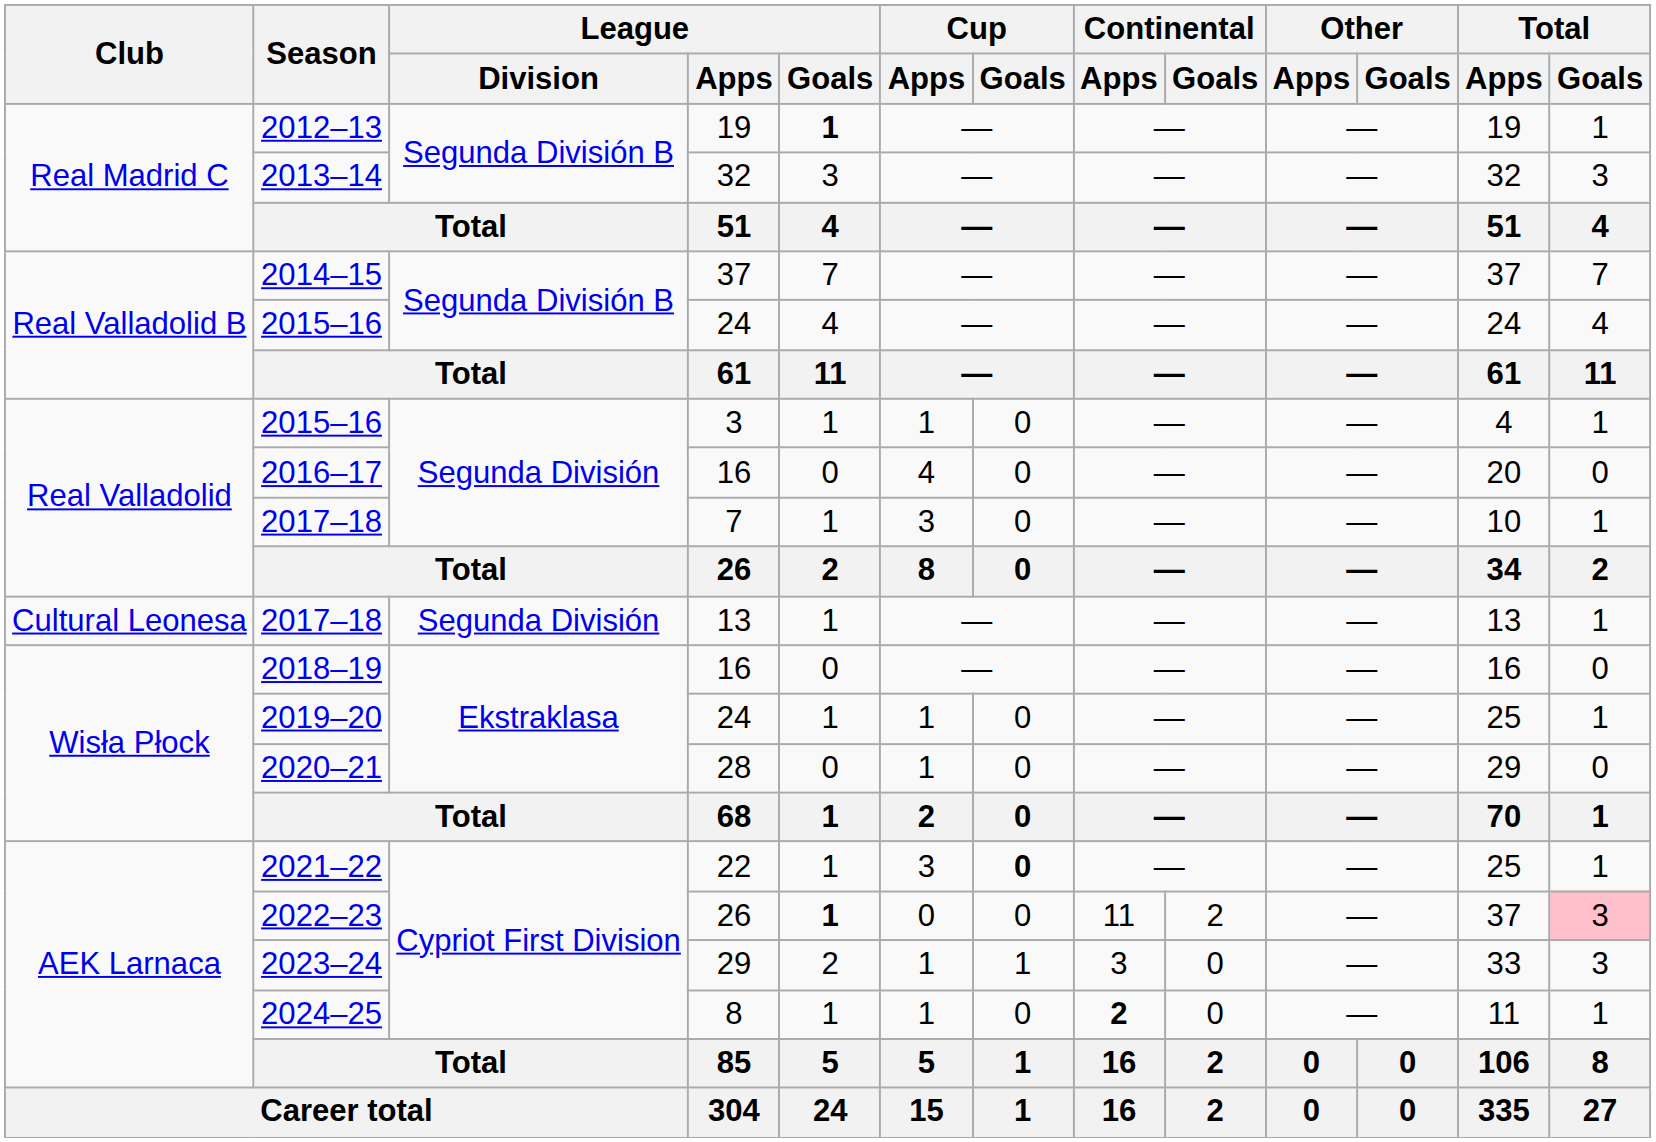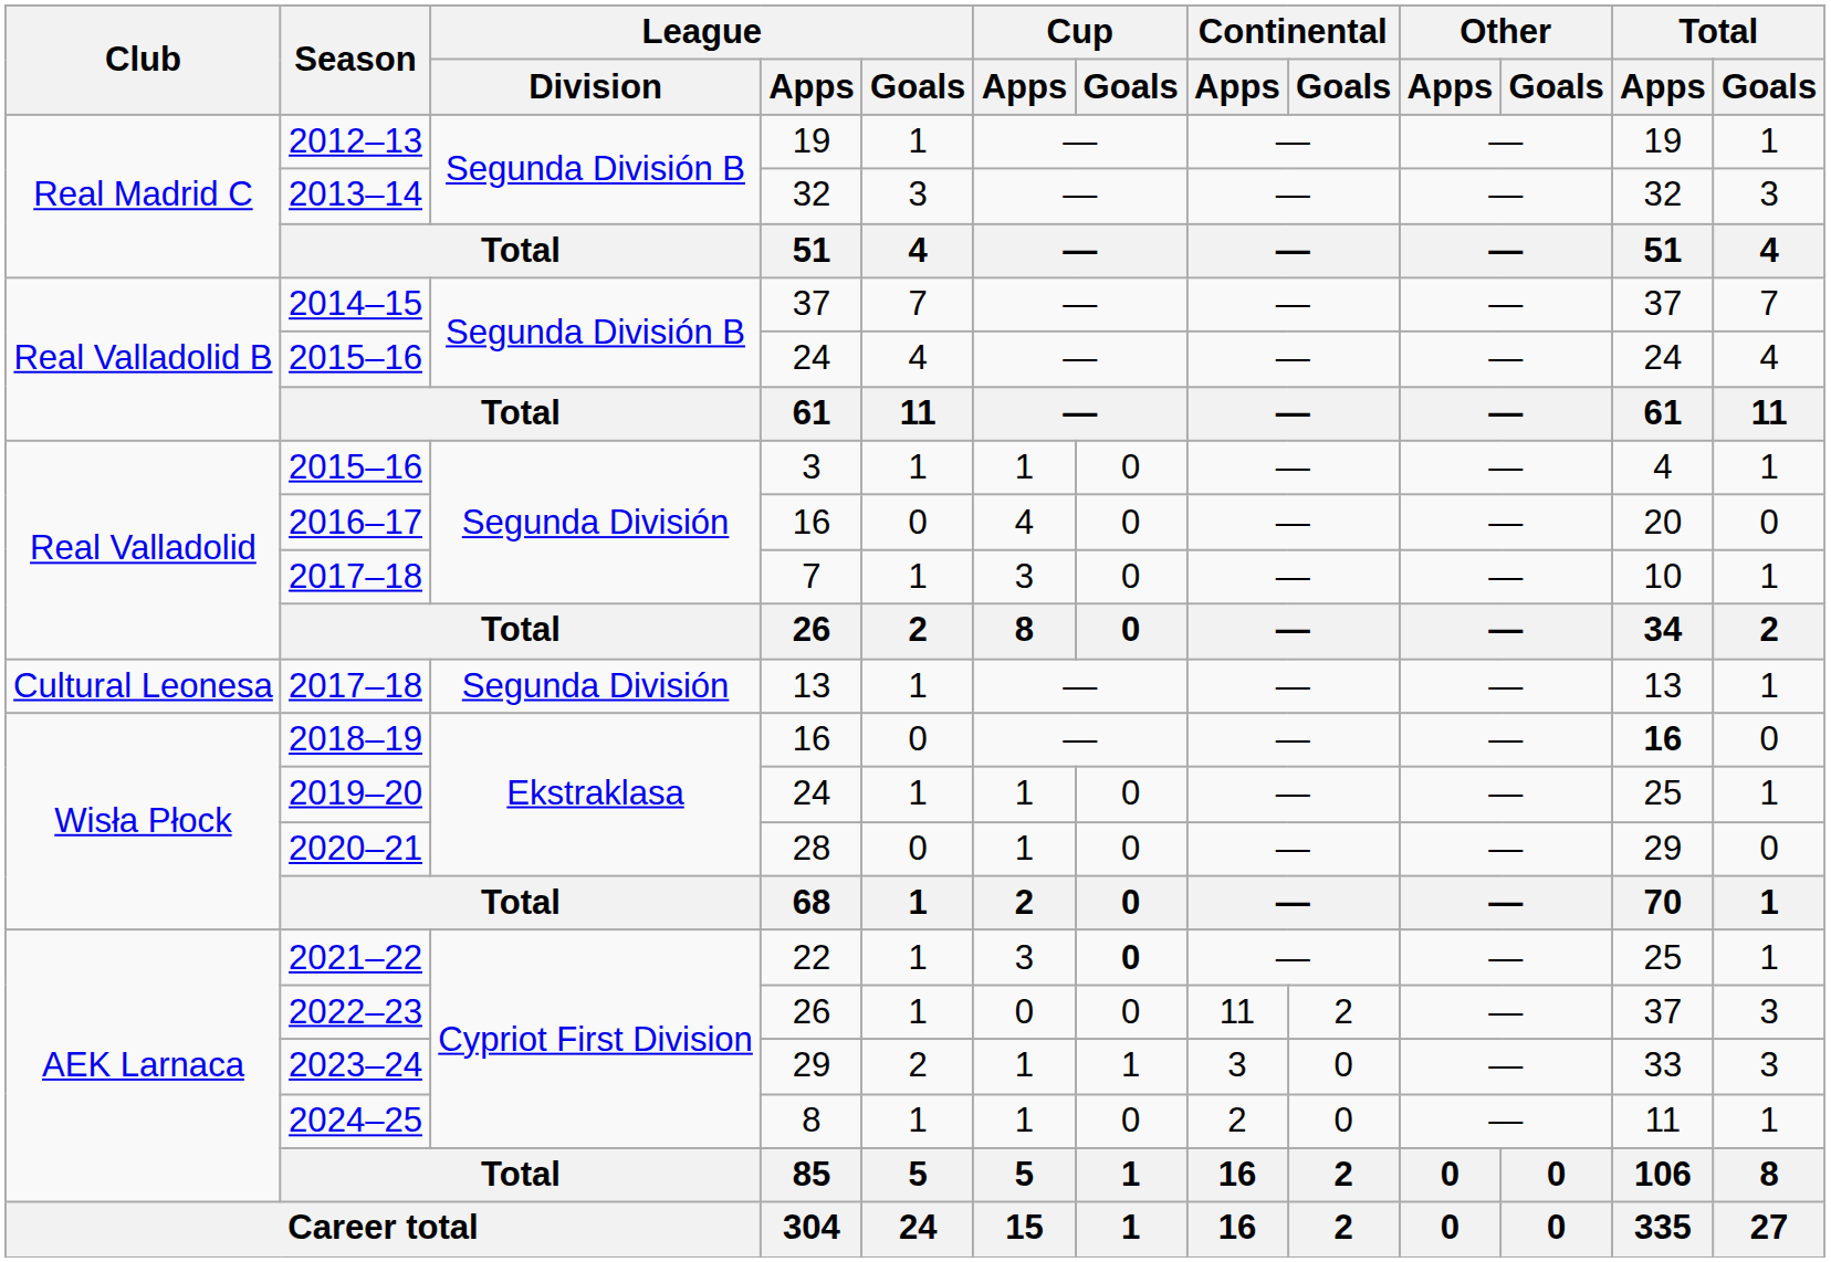 <table class="wikitable" style="text-align:center">
 <tr>
 <th rowspan="2">Club</th>
 <th rowspan="2">Season</th>
 <th colspan="3">League</th>
 <th colspan="2">Cup</th>
 <th colspan="2">Continental</th>
 <th colspan="2">Other</th>
 <th colspan="2">Total</th>
 </tr>
 <tr>
 <th>Division</th>
 <th>Apps</th>
 <th>Goals</th>
 <th>Apps</th>
 <th>Goals</th>
 <th>Apps</th>
 <th>Goals</th>
 <th>Apps</th>
 <th>Goals</th>
 <th>Apps</th>
 <th>Goals</th>
 </tr>
 <tr>
 <td rowspan="3"><a href='#'>Real Madrid C</a></td>
 <td><a href='#'>2012–13</a></td>
 <td rowspan="2"><a href='#'>Segunda División B</a></td>
 <td>19</td>
-<td><strong>1</strong></td>
+<td>1</td>
 <td colspan="2">—</td>
 <td colspan="2">—</td>
 <td colspan="2">—</td>
 <td>19</td>
 <td>1</td>
 </tr>
 <tr>
 <td><a href='#'>2013–14</a></td>
 <td>32</td>
 <td>3</td>
 <td colspan="2">—</td>
 <td colspan="2">—</td>
 <td colspan="2">—</td>
 <td>32</td>
 <td>3</td>
 </tr>
 <tr>
 <th colspan="2">Total</th>
 <th>51</th>
 <th>4</th>
 <th colspan="2">—</th>
 <th colspan="2">—</th>
 <th colspan="2">—</th>
 <th>51</th>
 <th>4</th>
 </tr>
 <tr>
 <td rowspan="3"><a href='#'>Real Valladolid B</a></td>
 <td><a href='#'>2014–15</a></td>
 <td rowspan="2"><a href='#'>Segunda División B</a></td>
 <td>37</td>
 <td>7</td>
 <td colspan="2">—</td>
 <td colspan="2">—</td>
 <td colspan="2">—</td>
 <td>37</td>
 <td>7</td>
 </tr>
 <tr>
 <td><a href='#'>2015–16</a></td>
 <td>24</td>
 <td>4</td>
 <td colspan="2">—</td>
 <td colspan="2">—</td>
 <td colspan="2">—</td>
 <td>24</td>
 <td>4</td>
 </tr>
 <tr>
 <th colspan="2">Total</th>
 <th>61</th>
 <th>11</th>
 <th colspan="2">—</th>
 <th colspan="2">—</th>
 <th colspan="2">—</th>
 <th>61</th>
 <th>11</th>
 </tr>
 <tr>
 <td rowspan="4"><a href='#'>Real Valladolid</a></td>
 <td><a href='#'>2015–16</a></td>
 <td rowspan="3"><a href='#'>Segunda División</a></td>
 <td>3</td>
 <td>1</td>
 <td>1</td>
 <td>0</td>
 <td colspan="2">—</td>
 <td colspan="2">—</td>
 <td>4</td>
 <td>1</td>
 </tr>
 <tr>
 <td><a href='#'>2016–17</a></td>
 <td>16</td>
 <td>0</td>
 <td>4</td>
 <td>0</td>
 <td colspan="2">—</td>
 <td colspan="2">—</td>
 <td>20</td>
 <td>0</td>
 </tr>
 <tr>
 <td><a href='#'>2017–18</a></td>
 <td>7</td>
 <td>1</td>
 <td>3</td>
 <td>0</td>
 <td colspan="2">—</td>
 <td colspan="2">—</td>
 <td>10</td>
 <td>1</td>
 </tr>
 <tr>
 <th colspan="2">Total</th>
 <th>26</th>
 <th>2</th>
 <th>8</th>
 <th>0</th>
 <th colspan="2">—</th>
 <th colspan="2">—</th>
 <th>34</th>
 <th>2</th>
 </tr>
 <tr>
 <td><a href='#'>Cultural Leonesa</a></td>
 <td><a href='#'>2017–18</a></td>
 <td><a href='#'>Segunda División</a></td>
 <td>13</td>
 <td>1</td>
 <td colspan="2">—</td>
 <td colspan="2">—</td>
 <td colspan="2">—</td>
 <td>13</td>
 <td>1</td>
 </tr>
 <tr>
 <td rowspan="4"><a href='#'>Wisła Płock</a></td>
 <td><a href='#'>2018–19</a></td>
 <td rowspan="3"><a href='#'>Ekstraklasa</a></td>
 <td>16</td>
 <td>0</td>
 <td colspan="2">—</td>
 <td colspan="2">—</td>
 <td colspan="2">—</td>
-<td>16</td>
+<td><strong>16</strong></td>
 <td>0</td>
 </tr>
 <tr>
 <td><a href='#'>2019–20</a></td>
 <td>24</td>
 <td>1</td>
 <td>1</td>
 <td>0</td>
 <td colspan="2">—</td>
 <td colspan="2">—</td>
 <td>25</td>
 <td>1</td>
 </tr>
 <tr>
 <td><a href='#'>2020–21</a></td>
 <td>28</td>
 <td>0</td>
 <td>1</td>
 <td>0</td>
 <td colspan="2">—</td>
 <td colspan="2">—</td>
 <td>29</td>
 <td>0</td>
 </tr>
 <tr>
 <th colspan="2">Total</th>
 <th>68</th>
 <th>1</th>
 <th>2</th>
 <th>0</th>
 <th colspan="2">—</th>
 <th colspan="2">—</th>
 <th>70</th>
 <th>1</th>
 </tr>
 <tr>
 <td rowspan="5"><a href='#'>AEK Larnaca</a></td>
 <td><a href='#'>2021–22</a></td>
 <td rowspan="4"><a href='#'>Cypriot First Division</a></td>
 <td>22</td>
 <td>1</td>
 <td>3</td>
 <td><strong>0</strong></td>
 <td colspan="2">—</td>
 <td colspan="2">—</td>
 <td>25</td>
 <td>1</td>
 </tr>
 <tr>
 <td><a href='#'>2022–23</a></td>
 <td>26</td>
-<td><strong>1</strong></td>
+<td>1</td>
 <td>0</td>
 <td>0</td>
 <td>11</td>
 <td>2</td>
 <td colspan="2">—</td>
 <td>37</td>
-<td style="background: pink;">3</td>
+<td>3</td>
 </tr>
 <tr>
 <td><a href='#'>2023–24</a></td>
 <td>29</td>
 <td>2</td>
 <td>1</td>
 <td>1</td>
 <td>3</td>
 <td>0</td>
 <td colspan="2">—</td>
 <td>33</td>
 <td>3</td>
 </tr>
 <tr>
 <td><a href='#'>2024–25</a></td>
 <td>8</td>
 <td>1</td>
 <td>1</td>
 <td>0</td>
-<td><strong>2</strong></td>
+<td>2</td>
 <td>0</td>
 <td colspan="2">—</td>
 <td>11</td>
 <td>1</td>
 </tr>
 <tr>
 <th colspan="2">Total</th>
 <th>85</th>
 <th>5</th>
 <th>5</th>
 <th>1</th>
 <th>16</th>
 <th>2</th>
 <th>0</th>
 <th>0</th>
 <th>106</th>
 <th>8</th>
 </tr>
 <tr>
 <th colspan="3">Career total</th>
 <th>304</th>
 <th>24</th>
 <th>15</th>
 <th>1</th>
 <th>16</th>
 <th>2</th>
 <th>0</th>
 <th>0</th>
 <th>335</th>
 <th>27</th>
 </tr>
 </table>
